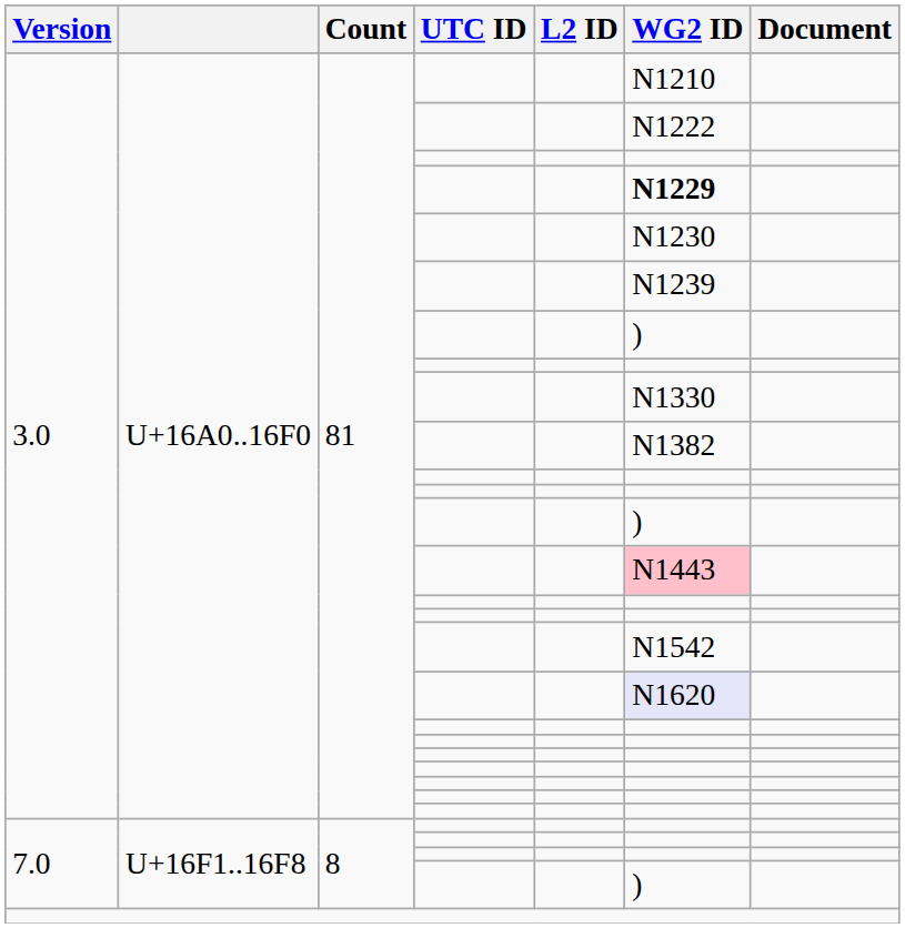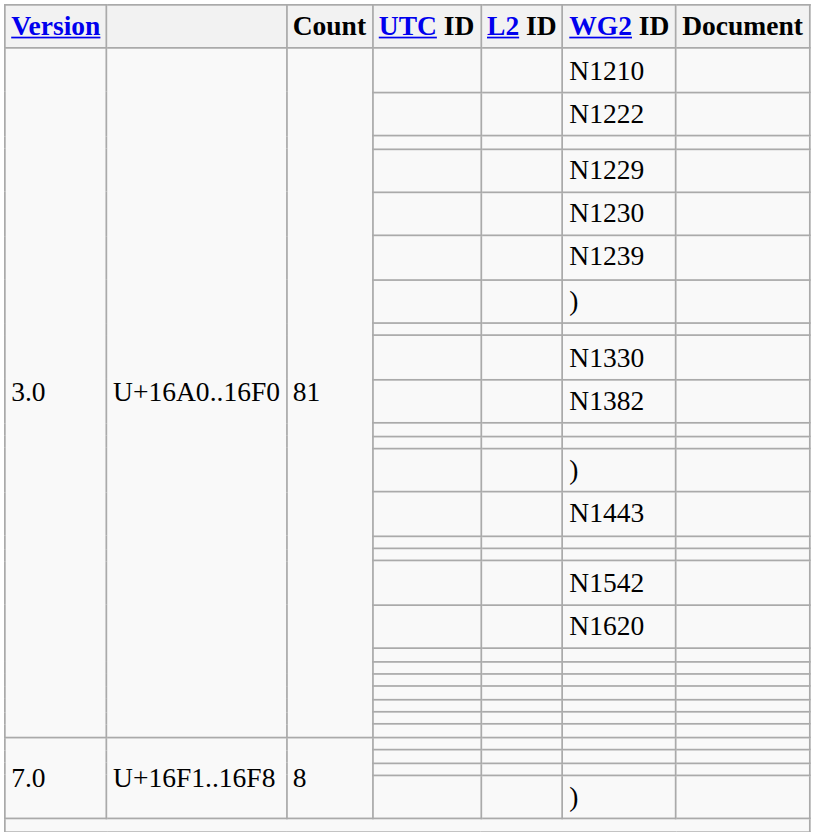 <table class="wikitable collapsible sticky-header">
 <tr>
 <th><a href='#'>Version</a></th>
 <th></th>
 <th>Count</th>
 <th><a href='#'>UTC</a> ID</th>
 <th><a href='#'>L2</a> ID</th>
 <th><a href='#'>WG2</a> ID</th>
 <th>Document</th>
 </tr>
 <tr>
 <td rowspan="25">3.0</td>
 <td rowspan="25">U+16A0..16F0</td>
 <td rowspan="25">81</td>
 <td></td>
 <td></td>
 <td>N1210</td>
 <td></td>
 </tr>
 <tr>
 <td></td>
 <td></td>
 <td>N1222</td>
 <td></td>
 </tr>
 <tr>
 <td></td>
 <td></td>
 <td></td>
 <td></td>
 </tr>
 <tr>
 <td></td>
 <td></td>
-<td><strong>N1229</strong></td>
+<td>N1229</td>
 <td></td>
 </tr>
 <tr>
 <td></td>
 <td></td>
 <td>N1230</td>
 <td></td>
 </tr>
 <tr>
 <td></td>
 <td></td>
 <td>N1239</td>
 <td></td>
 </tr>
 <tr>
 <td></td>
 <td></td>
 <td> )</td>
 <td></td>
 </tr>
 <tr>
 <td></td>
 <td></td>
 <td></td>
 <td></td>
 </tr>
 <tr>
 <td></td>
 <td></td>
 <td>N1330</td>
 <td></td>
 </tr>
 <tr>
 <td></td>
 <td></td>
 <td>N1382</td>
 <td></td>
 </tr>
 <tr>
 <td></td>
 <td></td>
 <td></td>
 <td></td>
 </tr>
 <tr>
 <td></td>
 <td></td>
 <td></td>
 <td></td>
 </tr>
 <tr>
 <td></td>
 <td></td>
 <td> )</td>
 <td></td>
 </tr>
 <tr>
 <td></td>
 <td></td>
-<td style="background: pink;">N1443</td>
+<td>N1443</td>
 <td></td>
 </tr>
 <tr>
 <td></td>
 <td></td>
 <td></td>
 <td></td>
 </tr>
 <tr>
 <td></td>
 <td></td>
 <td></td>
 <td></td>
 </tr>
 <tr>
 <td></td>
 <td></td>
 <td>N1542</td>
 <td></td>
 </tr>
 <tr>
 <td></td>
 <td></td>
-<td style="background: lavender;">N1620</td>
+<td>N1620</td>
 <td></td>
 </tr>
 <tr>
 <td></td>
 <td></td>
 <td></td>
 <td></td>
 </tr>
 <tr>
 <td></td>
 <td></td>
 <td></td>
 <td></td>
 </tr>
 <tr>
 <td></td>
 <td></td>
 <td></td>
 <td></td>
 </tr>
 <tr>
 <td></td>
 <td></td>
 <td></td>
 <td></td>
 </tr>
 <tr>
 <td></td>
 <td></td>
 <td></td>
 <td></td>
 </tr>
 <tr>
 <td></td>
 <td></td>
 <td></td>
 <td></td>
 </tr>
 <tr>
 <td></td>
 <td></td>
 <td></td>
 <td></td>
 </tr>
 <tr>
 <td rowspan="4">7.0</td>
 <td rowspan="4">U+16F1..16F8</td>
 <td rowspan="4">8</td>
 <td></td>
 <td></td>
 <td></td>
 <td></td>
 </tr>
 <tr>
 <td></td>
 <td></td>
 <td></td>
 <td></td>
 </tr>
 <tr>
 <td></td>
 <td></td>
 <td></td>
 <td></td>
 </tr>
 <tr>
 <td></td>
 <td></td>
 <td> )</td>
 <td></td>
 </tr>
 <tr class="sortbottom">
 <td colspan="7"></td>
 </tr>
 </table>
